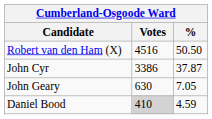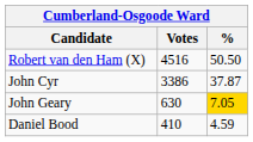 <table class="wikitable">
 <tr>
 <th colspan="3"><a href='#'>Cumberland-Osgoode Ward</a></th>
 </tr>
 <tr>
 <th style="width: 170px">Candidate</th>
 <th style="width: 50px">Votes</th>
 <th style="width: 40px">%</th>
 </tr>
 <tr>
 <td><a href='#'>Robert van den Ham</a> (X)</td>
 <td>4516</td>
 <td>50.50</td>
 </tr>
 <tr>
 <td>John Cyr</td>
 <td>3386</td>
 <td>37.87</td>
 </tr>
 <tr>
 <td>John Geary</td>
 <td>630</td>
-<td>7.05</td>
+<td style="background: gold;">7.05</td>
 </tr>
 <tr>
 <td>Daniel Bood</td>
-<td style="background: lightgrey;">410</td>
+<td>410</td>
 <td>4.59</td>
 </tr>
 </table>
